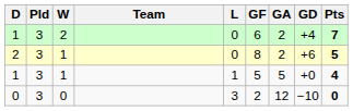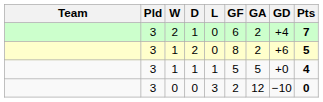 <table class="wikitable" style="text-align:center;">
 <tr>
-<th width=20>D</th>
+<th width=180>Team</th>
 <th width=20>Pld</th>
 <th width=20>W</th>
-<th width=180>Team</th>
+<th width=20>D</th>
 <th width=20>L</th>
 <th width=20>GF</th>
 <th width=20>GA</th>
 <th width=20>GD</th>
 <th width=20>Pts</th>
 </tr>
 <tr style="background:#cfc;">
-<td>1</td>
+<td align="left"></td>
 <td>3</td>
 <td>2</td>
-<td align="left"></td>
+<td>1</td>
 <td>0</td>
 <td>6</td>
 <td>2</td>
 <td>+4</td>
 <td><strong>7</strong></td>
 </tr>
 <tr style="background:#ffc;">
-<td>2</td>
+<td align="left"></td>
 <td>3</td>
 <td>1</td>
-<td align="left"></td>
+<td>2</td>
 <td>0</td>
 <td>8</td>
 <td>2</td>
 <td>+6</td>
 <td><strong>5</strong></td>
 </tr>
 <tr>
-<td>1</td>
+<td align="left"></td>
 <td>3</td>
 <td>1</td>
-<td align="left"></td>
+<td>1</td>
 <td>1</td>
 <td>5</td>
 <td>5</td>
 <td>+0</td>
 <td><strong>4</strong></td>
 </tr>
 <tr>
-<td>0</td>
+<td align="left"><em></em></td>
 <td>3</td>
 <td>0</td>
-<td align="left"><em></em></td>
+<td>0</td>
 <td>3</td>
 <td>2</td>
 <td>12</td>
 <td>−10</td>
 <td><strong>0</strong></td>
 </tr>
 </table>
